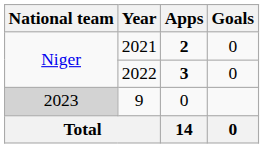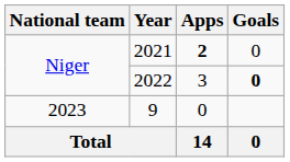 <table class="wikitable" style="text-align: center">
 <tr>
 <th>National team</th>
 <th>Year</th>
 <th>Apps</th>
 <th>Goals</th>
 </tr>
 <tr>
 <td rowspan="2"><a href='#'>Niger</a></td>
 <td>2021</td>
 <td><strong>2</strong></td>
 <td>0</td>
 </tr>
 <tr>
 <td>2022</td>
-<td><strong>3</strong></td>
-<td>0</td>
+<td>3</td>
+<td><strong>0</strong></td>
 </tr>
 <tr>
-<td style="background: lightgrey;">2023</td>
+<td>2023</td>
 <td>9</td>
 <td>0</td>
 </tr>
 <tr>
 <th colspan="2">Total</th>
 <th>14</th>
 <th>0</th>
 </tr>
 </table>
